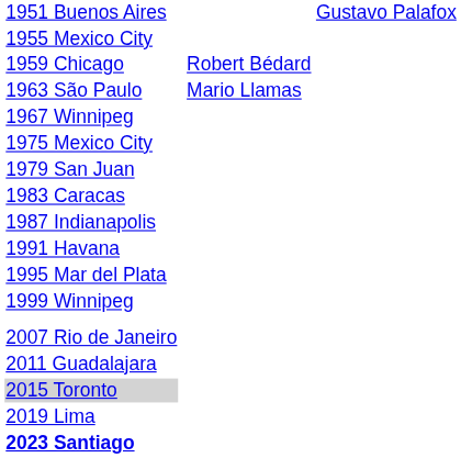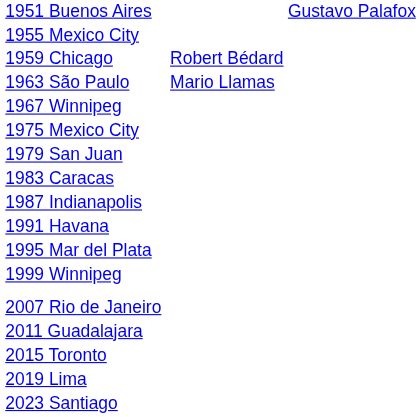 <table>
 <tr>
 <td><a href='#'>1951 Buenos Aires</a></td>
 <td></td>
 <td></td>
 <td> <a href='#'>Gustavo Palafox</a> </td>
 </tr>
 <tr>
 <td><a href='#'>1955 Mexico City</a></td>
 <td></td>
 <td></td>
 <td></td>
 </tr>
 <tr>
 <td><a href='#'>1959 Chicago</a></td>
 <td></td>
 <td> <a href='#'>Robert Bédard</a> </td>
 <td></td>
 </tr>
 <tr>
 <td><a href='#'>1963 São Paulo</a></td>
 <td></td>
 <td> <a href='#'>Mario Llamas</a> </td>
 <td></td>
 </tr>
 <tr>
 <td><a href='#'>1967 Winnipeg</a></td>
 <td></td>
 <td></td>
 <td></td>
 </tr>
 <tr>
 <td><a href='#'>1975 Mexico City</a></td>
 <td></td>
 <td></td>
 <td></td>
 </tr>
 <tr>
 <td><a href='#'>1979 San Juan</a></td>
 <td></td>
 <td></td>
 <td></td>
 </tr>
 <tr>
 <td><a href='#'>1983 Caracas</a></td>
 <td></td>
 <td></td>
 <td></td>
 </tr>
 <tr>
 <td><a href='#'>1987 Indianapolis</a></td>
 <td></td>
 <td></td>
 <td></td>
 </tr>
 <tr>
 <td><a href='#'>1991 Havana</a></td>
 <td></td>
 <td></td>
 <td></td>
 </tr>
 <tr>
 <td><a href='#'>1995 Mar del Plata</a></td>
 <td></td>
 <td></td>
 <td></td>
 </tr>
 <tr>
 <td rowspan=2><a href='#'>1999 Winnipeg</a></td>
 <td rowspan=2></td>
 <td rowspan=2></td>
 <td></td>
 </tr>
 <tr>
 <td></td>
 </tr>
 <tr>
 <td rowspan=2></td>
 <td rowspan=2></td>
 <td rowspan=2></td>
 <td></td>
 </tr>
 <tr>
 <td></td>
 </tr>
 <tr>
 <td><a href='#'>2007 Rio de Janeiro</a></td>
 <td></td>
 <td></td>
 <td></td>
 </tr>
 <tr>
 <td><a href='#'>2011 Guadalajara</a></td>
 <td></td>
 <td></td>
 <td></td>
 </tr>
 <tr>
-<td style="background: lightgrey;"><a href='#'>2015 Toronto</a></td>
+<td><a href='#'>2015 Toronto</a></td>
 <td></td>
 <td></td>
 <td></td>
 </tr>
 <tr>
 <td><a href='#'>2019 Lima</a></td>
 <td></td>
 <td></td>
 <td></td>
 </tr>
 <tr>
-<td><strong><a href='#'>2023 Santiago</a></strong></td>
+<td><a href='#'>2023 Santiago</a></td>
 <td></td>
 <td></td>
 <td></td>
 </tr>
 </table>
